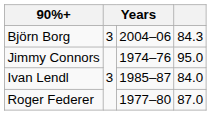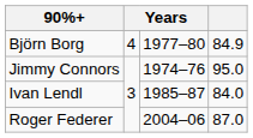 <table class="wikitable" style="display:inline-table;">
 <tr>
 <th>90%+</th>
 <th colspan="2">Years</th>
 <th></th>
 </tr>
 <tr>
 <td> Björn Borg</td>
-<td>3</td>
-<td>2004–06</td>
-<td>84.3</td>
+<td>4</td>
+<td>1977–80</td>
+<td>84.9</td>
 </tr>
 <tr>
 <td> Jimmy Connors</td>
 <td rowspan="3">3</td>
 <td>1974–76</td>
 <td>95.0</td>
 </tr>
 <tr>
 <td> Ivan Lendl</td>
 <td>1985–87</td>
 <td>84.0</td>
 </tr>
 <tr>
 <td> Roger Federer</td>
-<td>1977–80</td>
+<td>2004–06</td>
 <td>87.0</td>
 </tr>
 </table>
